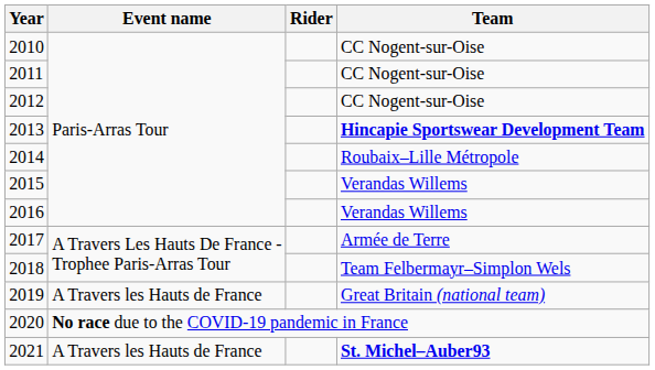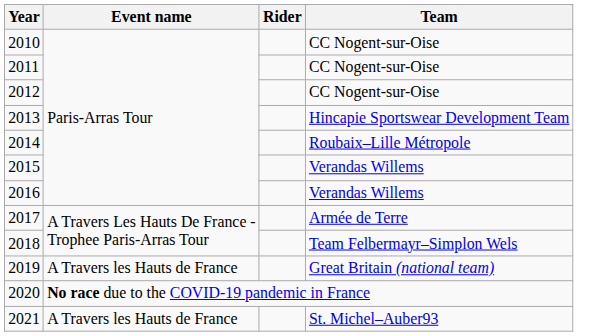 <table class="wikitable">
 <tr>
 <th>Year</th>
 <th>Event name</th>
 <th>Rider</th>
 <th>Team</th>
 </tr>
 <tr>
 <td>2010</td>
 <td rowspan="7">Paris-Arras Tour</td>
 <td></td>
 <td>CC Nogent-sur-Oise</td>
 </tr>
 <tr>
 <td>2011</td>
 <td></td>
 <td>CC Nogent-sur-Oise</td>
 </tr>
 <tr>
 <td>2012</td>
 <td></td>
 <td>CC Nogent-sur-Oise</td>
 </tr>
 <tr>
 <td>2013</td>
 <td></td>
-<td><strong><a href='#'>Hincapie Sportswear Development Team</a></strong></td>
+<td><a href='#'>Hincapie Sportswear Development Team</a></td>
 </tr>
 <tr>
 <td>2014</td>
 <td></td>
 <td><a href='#'>Roubaix–Lille Métropole</a></td>
 </tr>
 <tr>
 <td>2015</td>
 <td></td>
 <td><a href='#'>Verandas Willems</a></td>
 </tr>
 <tr>
 <td>2016</td>
 <td></td>
 <td><a href='#'>Verandas Willems</a></td>
 </tr>
 <tr>
 <td>2017</td>
 <td rowspan="2">A Travers Les Hauts De France -<br>Trophee Paris-Arras Tour</td>
 <td></td>
 <td><a href='#'>Armée de Terre</a></td>
 </tr>
 <tr>
 <td>2018</td>
 <td></td>
 <td><a href='#'>Team Felbermayr–Simplon Wels</a></td>
 </tr>
 <tr>
 <td>2019</td>
 <td>A Travers les Hauts de France</td>
 <td></td>
 <td><a href='#'>Great Britain <em>(national team)</em></a></td>
 </tr>
 <tr>
 <td>2020</td>
 <td colspan="3"><strong>No race</strong> due to the <a href='#'>COVID-19 pandemic in France</a></td>
 </tr>
 <tr>
 <td>2021</td>
 <td>A Travers les Hauts de France</td>
 <td></td>
-<td><strong><a href='#'>St. Michel–Auber93</a></strong></td>
+<td><a href='#'>St. Michel–Auber93</a></td>
 </tr>
 </table>
